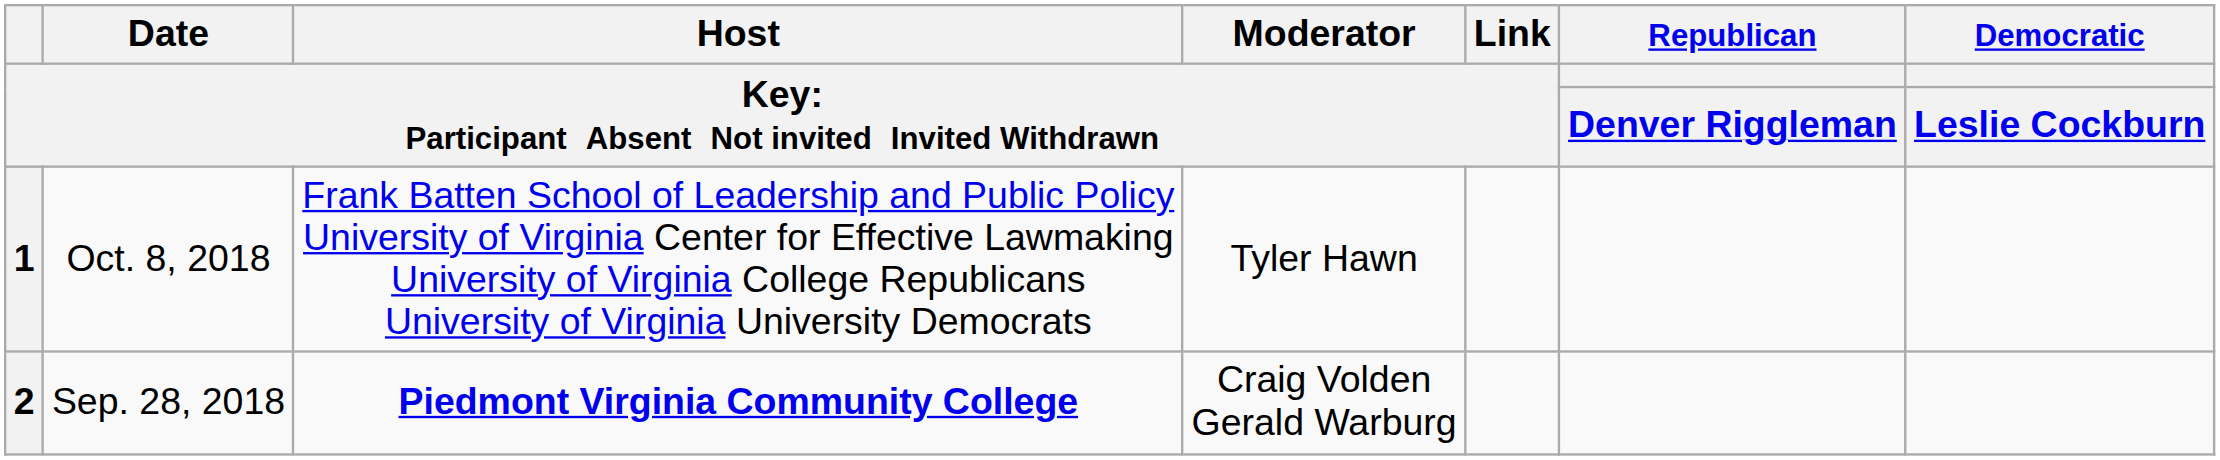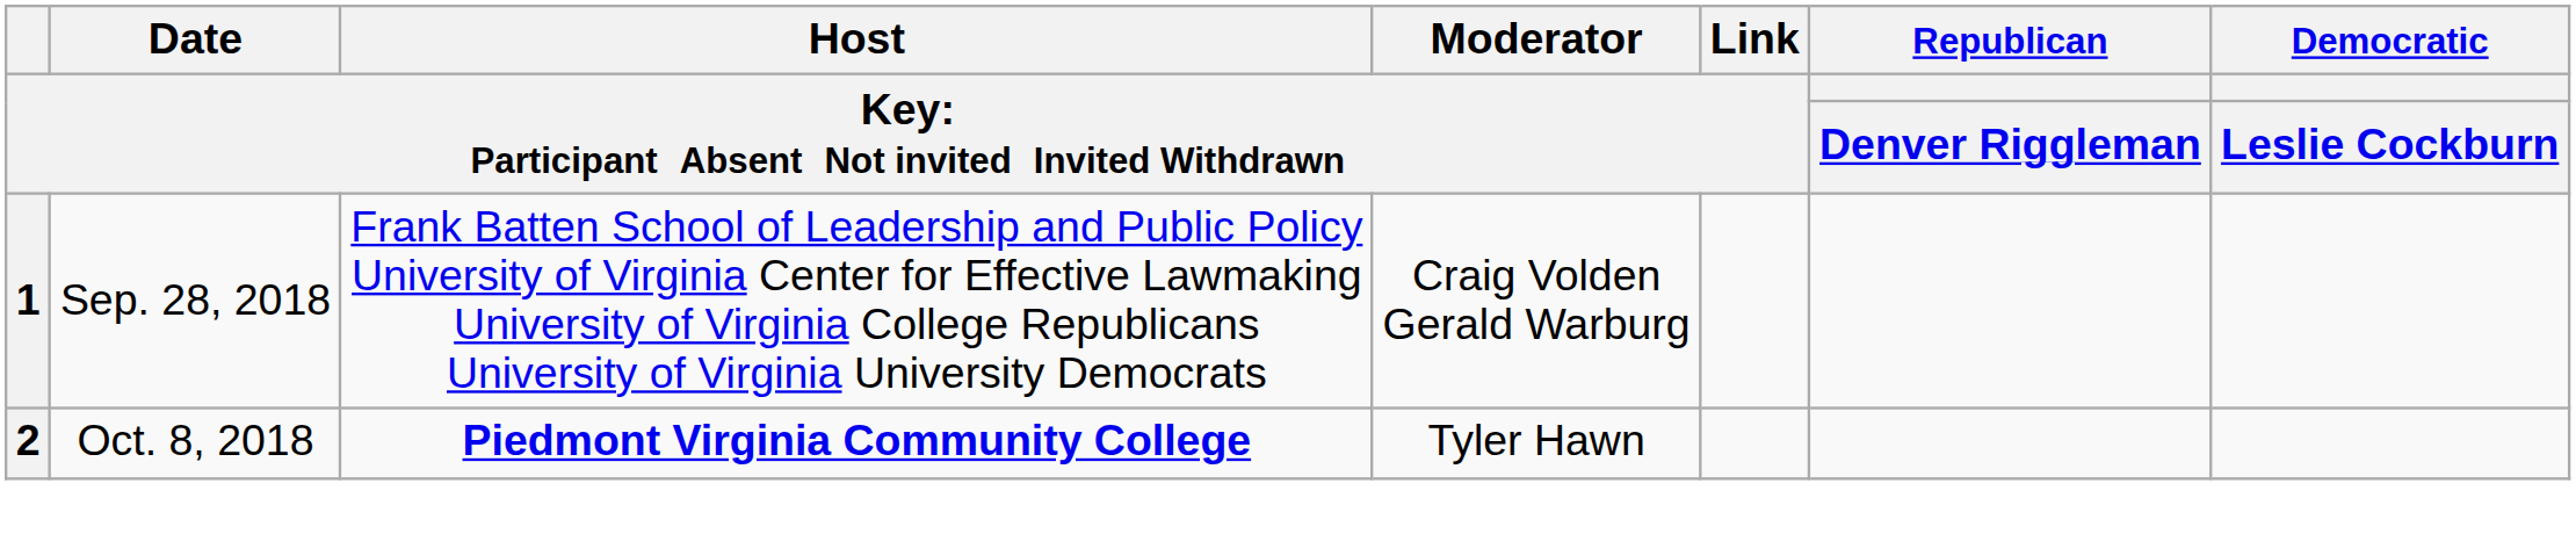 <table class="wikitable" style="text-align:center;">
 <tr>
 <th scope="col"></th>
 <th scope="col">Date</th>
 <th scope="col">Host</th>
 <th scope="col">Moderator</th>
 <th scope="col">Link</th>
 <th scope="col"><small><a href='#'>Republican</a></small></th>
 <th scope="col"><small><a href='#'>Democratic</a></small></th>
 </tr>
 <tr>
 <th colspan="5" rowspan="2">Key:<br> <small>Participant </small>  <small>Absent </small>  <small>Not invited </small>  <small>Invited  Withdrawn</small></th>
 <th scope="col" style="background:"></th>
 <th scope="col" style="background:"></th>
 </tr>
 <tr>
 <th scope="col"><a href='#'>Denver Riggleman</a></th>
 <th scope="col"><a href='#'>Leslie Cockburn</a></th>
 </tr>
 <tr>
 <th>1</th>
-<td style="white-space:nowrap;">Oct. 8, 2018</td>
+<td style="white-space:nowrap;">Sep. 28, 2018</td>
 <td style="white-space:nowrap;"><a href='#'>Frank Batten School of Leadership and Public Policy</a><br><a href='#'>University of Virginia</a> Center for Effective Lawmaking<br><a href='#'>University of Virginia</a> College Republicans<br><a href='#'>University of Virginia</a> University Democrats</td>
-<td style="white-space:nowrap;">Tyler Hawn</td>
+<td style="white-space:nowrap;">Craig Volden<br>Gerald Warburg</td>
 <td style="white-space:nowrap;"></td>
 <td></td>
 <td></td>
 </tr>
 <tr>
 <th>2</th>
-<td style="white-space:nowrap;">Sep. 28, 2018</td>
+<td style="white-space:nowrap;">Oct. 8, 2018</td>
 <td style="white-space:nowrap;"><strong><a href='#'>Piedmont Virginia Community College</a></strong></td>
-<td style="white-space:nowrap;">Craig Volden<br>Gerald Warburg</td>
+<td style="white-space:nowrap;">Tyler Hawn</td>
 <td style="white-space:nowrap;"></td>
 <td></td>
 <td></td>
 </tr>
 </table>
